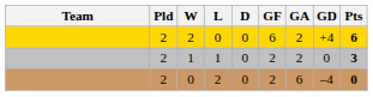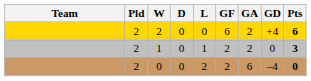 <table class="wikitable" style="text-align: center;">
 <tr>
 <th width=165>Team</th>
 <th width=25>Pld</th>
 <th width=25>W</th>
+<th width=25>D</th>
 <th width=25>L</th>
-<th width=25>D</th>
 <th width=25>GF</th>
 <th width=25>GA</th>
 <th width=25>GD</th>
 <th width=25>Pts</th>
 </tr>
 <tr bgcolor=gold>
 <td align="left"></td>
 <td>2</td>
 <td>2</td>
 <td>0</td>
 <td>0</td>
 <td>6</td>
 <td>2</td>
 <td>+4</td>
 <td><strong>6</strong></td>
 </tr>
 <tr bgcolor=silver>
 <td align="left"></td>
 <td>2</td>
 <td>1</td>
+<td>0</td>
 <td>1</td>
-<td>0</td>
 <td>2</td>
 <td>2</td>
 <td>0</td>
 <td><strong>3</strong></td>
 </tr>
 <tr bgcolor=#cc9966>
 <td align="left"></td>
 <td>2</td>
 <td>0</td>
+<td>0</td>
 <td>2</td>
-<td>0</td>
 <td>2</td>
 <td>6</td>
 <td>–4</td>
 <td><strong>0</strong></td>
 </tr>
 </table>
